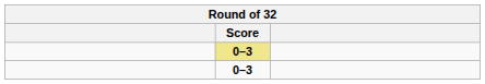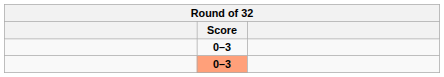 <table class="wikitable" style="text-align: center; font-size:90% ">
 <tr>
 <th colspan=3>Round of 32</th>
 </tr>
 <tr>
 <th align="right" width="250"></th>
 <th width="60">Score</th>
 <th align="left" width="250"></th>
 </tr>
 <tr>
 <td align=left></td>
-<td align=center style="background: khaki;"><strong>0–3</strong></td>
+<td align=center><strong>0–3</strong></td>
 <td align=left><strong></strong></td>
 </tr>
 <tr>
 <td align=left></td>
-<td align=center><strong>0–3</strong></td>
+<td align=center style="background: lightsalmon;"><strong>0–3</strong></td>
 <td align=left><strong></strong></td>
 </tr>
 </table>
